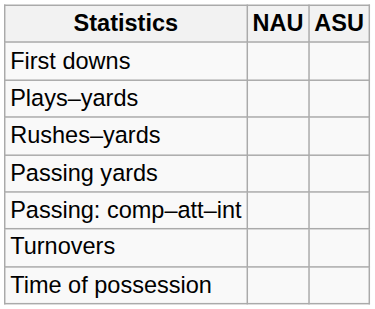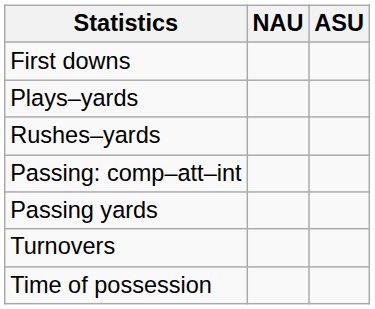 <table class="wikitable" style="float:left">
 <tr>
 <th>Statistics</th>
 <th>NAU</th>
 <th>ASU</th>
 </tr>
 <tr>
 <td>First downs</td>
 <td></td>
 <td></td>
 </tr>
 <tr>
 <td>Plays–yards</td>
 <td></td>
 <td></td>
 </tr>
 <tr>
 <td>Rushes–yards</td>
 <td></td>
 <td></td>
 </tr>
 <tr>
-<td>Passing yards</td>
+<td>Passing: comp–att–int</td>
 <td></td>
 <td></td>
 </tr>
 <tr>
-<td>Passing: comp–att–int</td>
+<td>Passing yards</td>
 <td></td>
 <td></td>
 </tr>
 <tr>
 <td>Turnovers</td>
 <td></td>
 <td></td>
 </tr>
 <tr>
 <td>Time of possession</td>
 <td></td>
 <td></td>
 </tr>
 </table>
